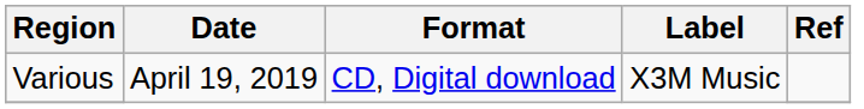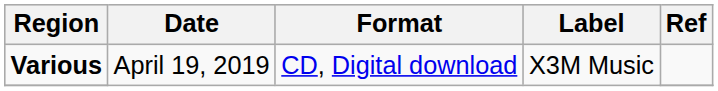 <table class="wikitable sortable">
 <tr>
 <th>Region</th>
 <th>Date</th>
 <th>Format</th>
 <th>Label</th>
 <th>Ref</th>
 </tr>
 <tr>
-<td>Various</td>
+<td><strong>Various</strong></td>
 <td rowspan="2">April 19, 2019</td>
 <td rowspan="2"><a href='#'>CD</a>, <a href='#'>Digital download</a></td>
 <td rowspan ="2">X3M Music</td>
 <td></td>
 </tr>
 <tr>
 </tr>
 </table>
